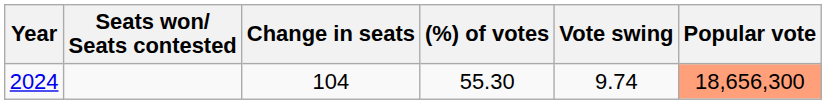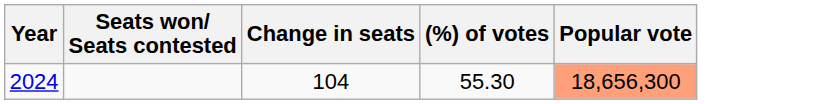 <table class="wikitable sortable">
 <tr>
 <th style="background-color:">Year</th>
 <th style="background-color:">Seats won/<br>Seats contested</th>
 <th style="background-color:">Change in seats</th>
 <th style="background-color:">(%) of votes</th>
-<th style="background-color:">Vote swing</th>
 <th style="background-color:">Popular vote</th>
 </tr>
 <tr style="text-align:center;">
 <td><a href='#'>2024</a></td>
 <td></td>
 <td> 104</td>
 <td>55.30</td>
-<td> 9.74</td>
 <td style="background: lightsalmon;">18,656,300</td>
 </tr>
 </table>
